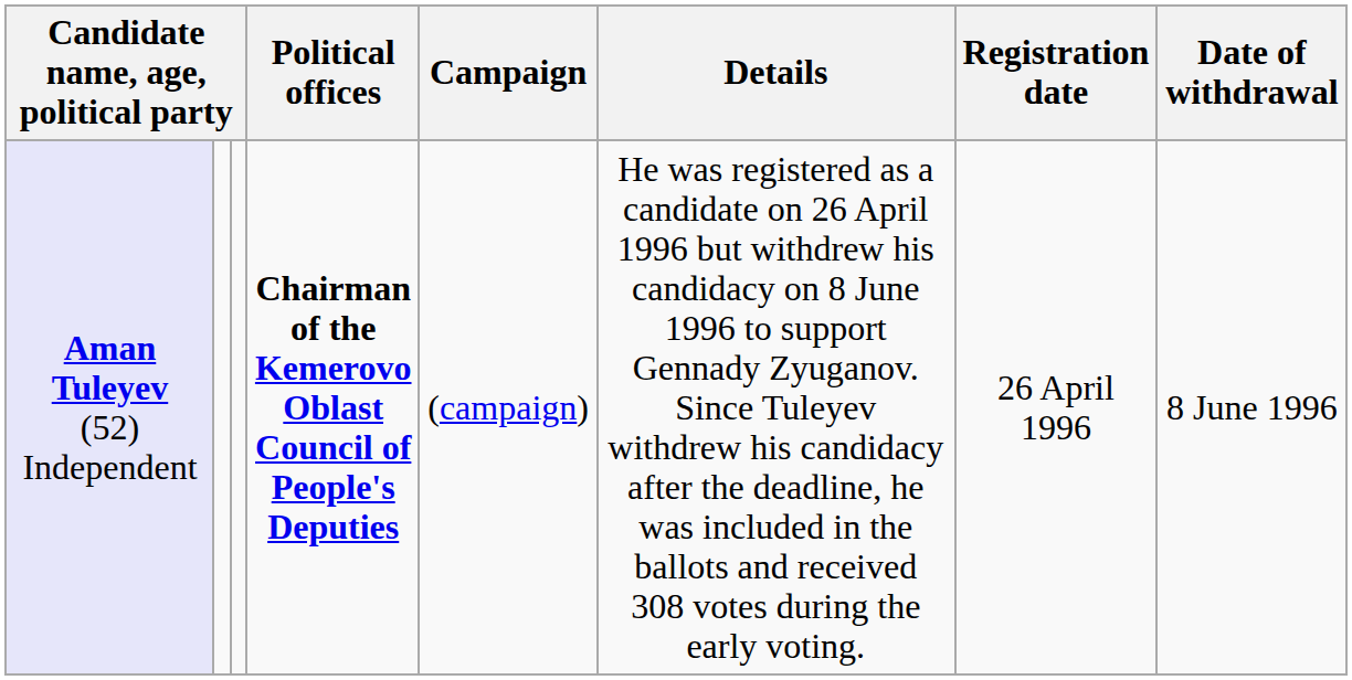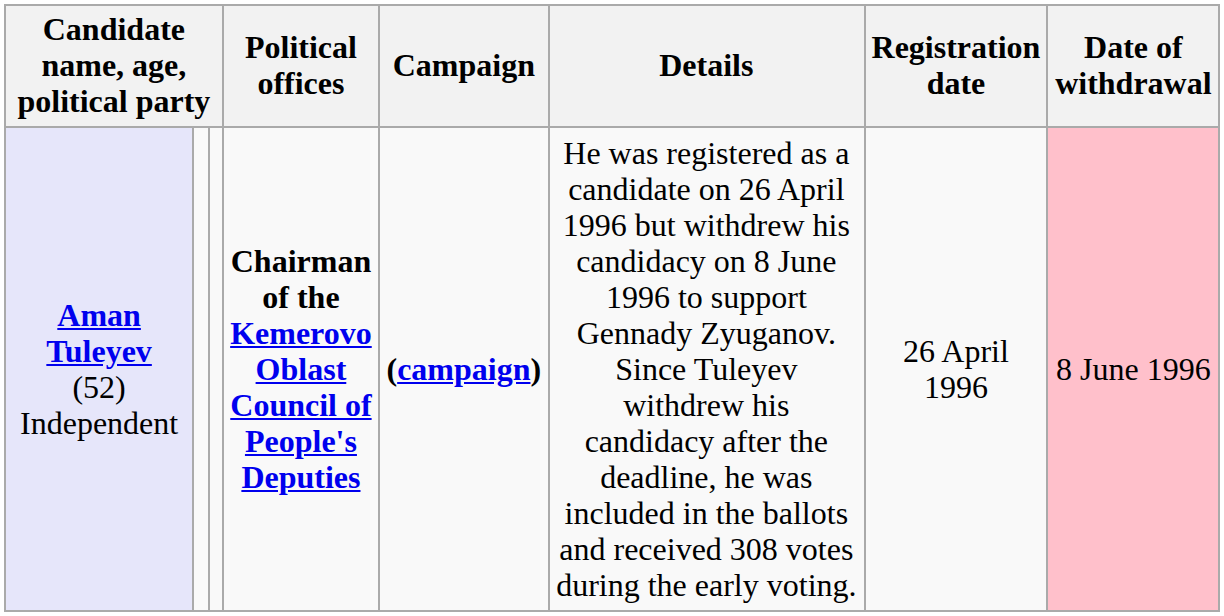 <table class="wikitable" style="text-align:center;">
 <tr>
 <th colspan="3" style="width:20%;">Candidate name, age,<br>political party</th>
 <th>Political offices</th>
 <th>Campaign</th>
 <th style="width:48%;">Details</th>
 <th>Registration date</th>
 <th>Date of withdrawal</th>
 </tr>
 <tr>
 <td style="background:lavender;"><strong><a href='#'>Aman Tuleyev</a></strong><br>(52)<br>Independent</td>
 <td></td>
 <td style="background-color:"></td>
 <td><strong>Chairman of the <a href='#'>Kemerovo Oblast Council of People's Deputies</a></strong></td>
-<td>(<a href='#'>campaign</a>)</td>
+<td><strong>(<a href='#'>campaign</a>)</strong></td>
 <td>He was registered as a candidate on 26 April 1996 but withdrew his candidacy on 8 June 1996 to support Gennady Zyuganov. Since Tuleyev withdrew his candidacy after the deadline, he was included in the ballots and received 308 votes during the early voting.</td>
 <td>26 April 1996</td>
-<td>8 June 1996</td>
+<td style="background: pink;">8 June 1996</td>
 </tr>
 </table>
